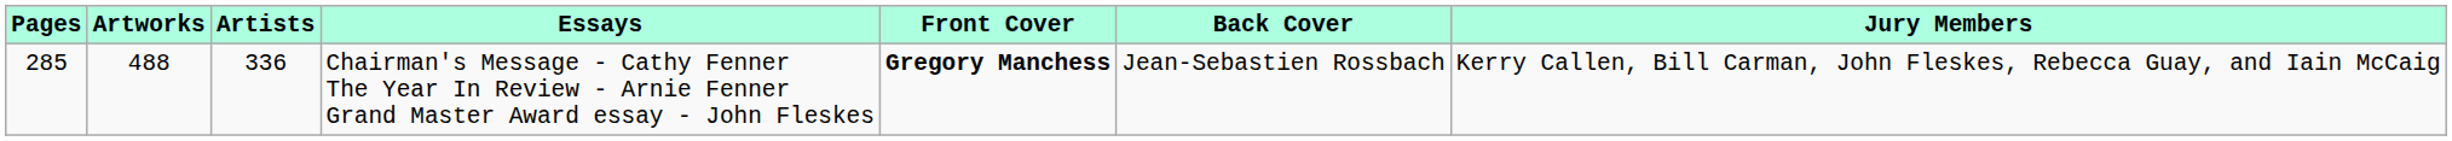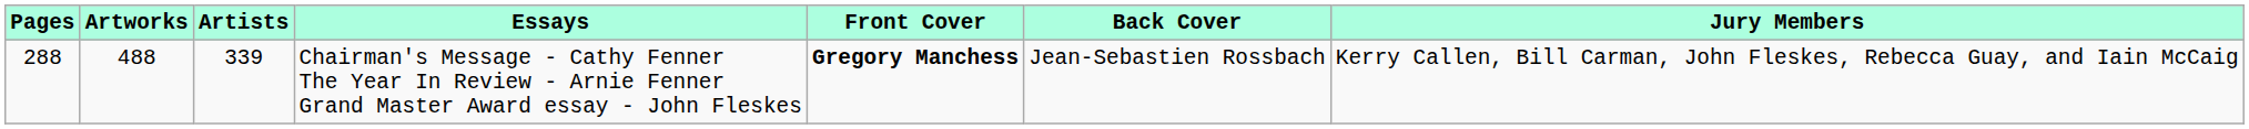 <table class="wikitable">
 <tr>
 <th style="background:#acffdf">Pages</th>
 <th style="background:#acffdf">Artworks</th>
 <th style="background:#acffdf">Artists</th>
 <th style="background:#acffdf">Essays</th>
 <th style="background:#acffdf">Front Cover</th>
 <th style="background:#acffdf">Back Cover</th>
 <th style="background:#acffdf">Jury Members</th>
 </tr>
 <tr valign="top">
-<td align="center">285</td>
+<td align="center">288</td>
 <td align="center">488</td>
-<td align="center">336</td>
+<td align="center">339</td>
 <td>Chairman's Message - Cathy Fenner<br>The Year In Review - Arnie Fenner<br>Grand Master Award essay - John Fleskes</td>
 <td><strong>Gregory Manchess</strong></td>
 <td>Jean-Sebastien Rossbach</td>
 <td>Kerry Callen, Bill Carman, John Fleskes, Rebecca Guay, and Iain McCaig</td>
 </tr>
 </table>
